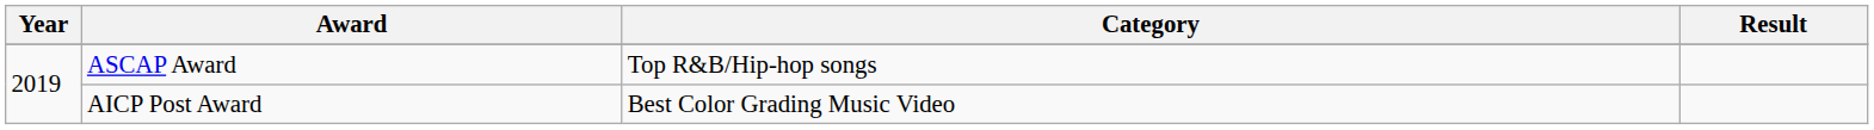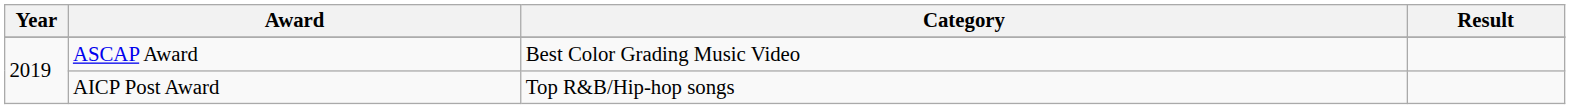 <table class="wikitable" width="95%">
 <tr>
 <th width="3%">Year</th>
 <th width="23%">Award</th>
 <th width="45%">Category</th>
 <th width="8%">Result</th>
 </tr>
 <tr>
 </tr>
 <tr>
 <td rowspan="2">2019</td>
 <td><a href='#'>ASCAP</a> Award</td>
-<td>Top R&B/Hip-hop songs</td>
+<td>Best Color Grading Music Video</td>
 <td></td>
 </tr>
 <tr>
 <td>AICP Post Award</td>
-<td>Best Color Grading Music Video</td>
+<td>Top R&B/Hip-hop songs</td>
 <td></td>
 </tr>
 </table>
